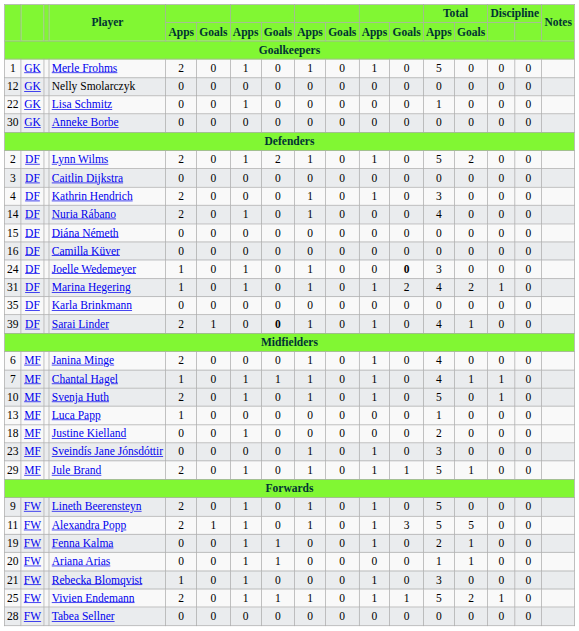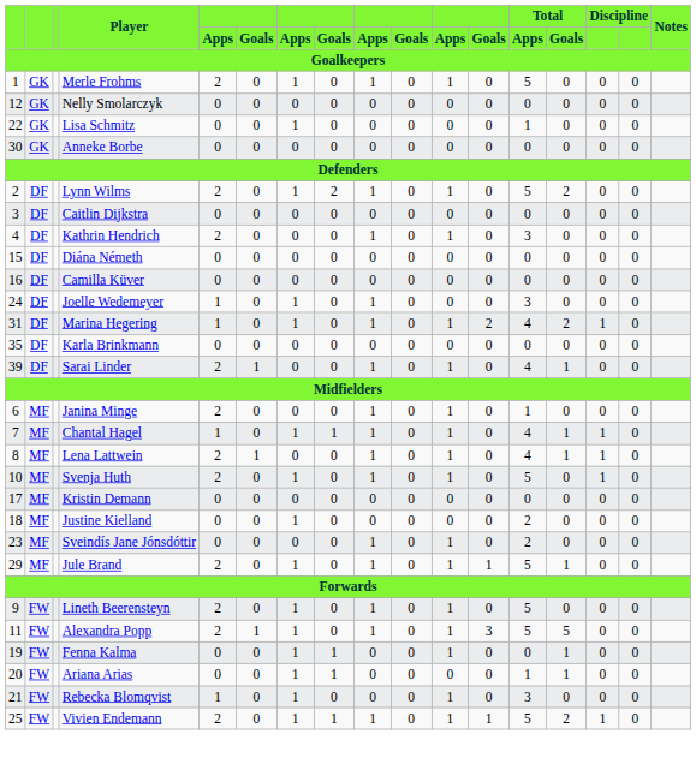 <table class="wikitable sortable alternance" style="text-align:center">
 <tr>
 <th rowspan=2 style="background:#81F733; color:#003333; "></th>
 <th rowspan=2 style="background:#81F733; color:#003333; "></th>
 <th rowspan=2 style="background:#81F733; color:#003333; "></th>
 <th rowspan=2 style="background:#81F733; color:#003333; ">Player</th>
 <th colspan=2 style="background:#81F733; color:#003333; "></th>
 <th colspan=2 style="background:#81F733; color:#003333; "></th>
 <th colspan=2 style="background:#81F733; color:#003333; "></th>
 <th colspan=2 style="background:#81F733; color:#003333; "></th>
 <th colspan=2 style="background:#81F733; color:#003333; ">Total</th>
 <th colspan=2 style="background:#81F733; color:#003333; ">Discipline</th>
 <th rowspan=2 style="background:#81F733; color:#003333; ">Notes</th>
 </tr>
 <tr>
 <th style="background:#81F733; color:#003333; ">Apps</th>
 <th style="background:#81F733; color:#003333; ">Goals</th>
 <th style="background:#81F733; color:#003333; ">Apps</th>
 <th style="background:#81F733; color:#003333; ">Goals</th>
 <th style="background:#81F733; color:#003333; ">Apps</th>
 <th style="background:#81F733; color:#003333; ">Goals</th>
 <th style="background:#81F733; color:#003333; ">Apps</th>
 <th style="background:#81F733; color:#003333; ">Goals</th>
 <th style="background:#81F733; color:#003333; ">Apps</th>
 <th style="background:#81F733; color:#003333; ">Goals</th>
 <th style="background:#81F733; color:#003333; "></th>
 <th style="background:#81F733; color:#003333; "></th>
 </tr>
 <tr>
 <th colspan="17" style="background:#81F733; color:#003333; ">Goalkeepers</th>
 </tr>
 <tr>
 <td>1</td>
 <td><a href='#'>GK</a></td>
 <td></td>
 <td align="left"><a href='#'>Merle Frohms</a></td>
 <td>2</td>
 <td>0</td>
 <td>1</td>
 <td>0</td>
 <td>1</td>
 <td>0</td>
 <td>1</td>
 <td>0</td>
 <td>5</td>
 <td>0</td>
 <td>0</td>
 <td>0</td>
 <td></td>
 </tr>
 <tr style="background:#eaecee">
 <td>12</td>
 <td><a href='#'>GK</a></td>
 <td></td>
 <td align="left">Nelly Smolarczyk</td>
 <td>0</td>
 <td>0</td>
 <td>0</td>
 <td>0</td>
 <td>0</td>
 <td>0</td>
 <td>0</td>
 <td>0</td>
 <td>0</td>
 <td>0</td>
 <td>0</td>
 <td>0</td>
 <td></td>
 </tr>
 <tr>
 <td>22</td>
 <td><a href='#'>GK</a></td>
 <td></td>
 <td align="left"><a href='#'>Lisa Schmitz</a></td>
 <td>0</td>
 <td>0</td>
 <td>1</td>
 <td>0</td>
 <td>0</td>
 <td>0</td>
 <td>0</td>
 <td>0</td>
 <td>1</td>
 <td>0</td>
 <td>0</td>
 <td>0</td>
 <td></td>
 </tr>
 <tr style="background:#eaecee">
 <td>30</td>
 <td><a href='#'>GK</a></td>
 <td></td>
 <td align="left"><a href='#'>Anneke Borbe</a></td>
 <td>0</td>
 <td>0</td>
 <td>0</td>
 <td>0</td>
 <td>0</td>
 <td>0</td>
 <td>0</td>
 <td>0</td>
 <td>0</td>
 <td>0</td>
 <td>0</td>
 <td>0</td>
 <td></td>
 </tr>
 <tr>
 <th colspan="17" style="background:#81F733; color:#003333; ">Defenders</th>
 </tr>
 <tr>
 <td>2</td>
 <td><a href='#'>DF</a></td>
 <td></td>
 <td align="left"><a href='#'>Lynn Wilms</a></td>
 <td>2</td>
 <td>0</td>
 <td>1</td>
 <td>2</td>
 <td>1</td>
 <td>0</td>
 <td>1</td>
 <td>0</td>
 <td>5</td>
 <td>2</td>
 <td>0</td>
 <td>0</td>
 <td></td>
 </tr>
 <tr style="background:#eaecee">
 <td>3</td>
 <td><a href='#'>DF</a></td>
 <td></td>
 <td align="left"><a href='#'>Caitlin Dijkstra</a></td>
 <td>0</td>
 <td>0</td>
 <td>0</td>
 <td>0</td>
 <td>0</td>
 <td>0</td>
 <td>0</td>
 <td>0</td>
 <td>0</td>
 <td>0</td>
 <td>0</td>
 <td>0</td>
 <td></td>
 </tr>
 <tr>
 <td>4</td>
 <td><a href='#'>DF</a></td>
 <td></td>
 <td align="left"><a href='#'>Kathrin Hendrich</a></td>
 <td>2</td>
 <td>0</td>
 <td>0</td>
 <td>0</td>
 <td>1</td>
 <td>0</td>
 <td>1</td>
 <td>0</td>
 <td>3</td>
 <td>0</td>
 <td>0</td>
 <td>0</td>
 <td></td>
 </tr>
-<tr style="background:#eaecee">
-<td>14</td>
-<td><a href='#'>DF</a></td>
-<td></td>
-<td align="left"><a href='#'>Nuria Rábano</a></td>
-<td>2</td>
-<td>0</td>
-<td>1</td>
-<td>0</td>
-<td>1</td>
-<td>0</td>
-<td>0</td>
-<td>0</td>
-<td>4</td>
-<td>0</td>
-<td>0</td>
-<td>0</td>
-<td></td>
-</tr>
 <tr>
 <td>15</td>
 <td><a href='#'>DF</a></td>
 <td></td>
 <td align="left"><a href='#'>Diána Németh</a></td>
 <td>0</td>
 <td>0</td>
 <td>0</td>
 <td>0</td>
 <td>0</td>
 <td>0</td>
 <td>0</td>
 <td>0</td>
 <td>0</td>
 <td>0</td>
 <td>0</td>
 <td>0</td>
 <td></td>
 </tr>
 <tr style="background:#eaecee">
 <td>16</td>
 <td><a href='#'>DF</a></td>
 <td></td>
 <td align="left"><a href='#'>Camilla Küver</a></td>
 <td>0</td>
 <td>0</td>
 <td>0</td>
 <td>0</td>
 <td>0</td>
 <td>0</td>
 <td>0</td>
 <td>0</td>
 <td>0</td>
 <td>0</td>
 <td>0</td>
 <td>0</td>
 <td></td>
 </tr>
 <tr>
 <td>24</td>
 <td><a href='#'>DF</a></td>
 <td></td>
 <td align="left"><a href='#'>Joelle Wedemeyer</a></td>
 <td>1</td>
 <td>0</td>
 <td>1</td>
 <td>0</td>
 <td>1</td>
 <td>0</td>
 <td>0</td>
-<td><strong>0</strong></td>
+<td>0</td>
 <td>3</td>
 <td>0</td>
 <td>0</td>
 <td>0</td>
 <td></td>
 </tr>
 <tr style="background:#eaecee">
 <td>31</td>
 <td><a href='#'>DF</a></td>
 <td></td>
 <td align="left"><a href='#'>Marina Hegering</a></td>
 <td>1</td>
 <td>0</td>
 <td>1</td>
 <td>0</td>
 <td>1</td>
 <td>0</td>
 <td>1</td>
 <td>2</td>
 <td>4</td>
 <td>2</td>
 <td>1</td>
 <td>0</td>
 <td></td>
 </tr>
 <tr>
 <td>35</td>
 <td><a href='#'>DF</a></td>
 <td></td>
 <td align="left"><a href='#'>Karla Brinkmann</a></td>
 <td>0</td>
 <td>0</td>
 <td>0</td>
 <td>0</td>
 <td>0</td>
 <td>0</td>
 <td>0</td>
 <td>0</td>
 <td>0</td>
 <td>0</td>
 <td>0</td>
 <td>0</td>
 <td></td>
 </tr>
 <tr style="background:#eaecee">
 <td>39</td>
 <td><a href='#'>DF</a></td>
 <td></td>
 <td align="left"><a href='#'>Sarai Linder</a></td>
 <td>2</td>
 <td>1</td>
 <td>0</td>
-<td><strong>0</strong></td>
+<td>0</td>
 <td>1</td>
 <td>0</td>
 <td>1</td>
 <td>0</td>
 <td>4</td>
 <td>1</td>
 <td>0</td>
 <td>0</td>
 <td></td>
 </tr>
 <tr>
 <th colspan="17" style="background:#81F733; color:#003333; ">Midfielders</th>
 </tr>
 <tr>
 <td>6</td>
 <td><a href='#'>MF</a></td>
 <td></td>
 <td align="left"><a href='#'>Janina Minge</a></td>
 <td>2</td>
 <td>0</td>
 <td>0</td>
 <td>0</td>
 <td>1</td>
 <td>0</td>
 <td>1</td>
 <td>0</td>
-<td>4</td>
+<td>1</td>
 <td>0</td>
 <td>0</td>
 <td>0</td>
 <td></td>
 </tr>
 <tr style="background:#eaecee">
 <td>7</td>
 <td><a href='#'>MF</a></td>
 <td></td>
 <td align="left"><a href='#'>Chantal Hagel</a></td>
 <td>1</td>
 <td>0</td>
 <td>1</td>
 <td>1</td>
+<td>1</td>
+<td>0</td>
+<td>1</td>
+<td>0</td>
+<td>4</td>
+<td>1</td>
+<td>1</td>
+<td>0</td>
+<td></td>
+</tr>
+<tr>
+<td>8</td>
+<td><a href='#'>MF</a></td>
+<td></td>
+<td align="left"><a href='#'>Lena Lattwein</a></td>
+<td>2</td>
+<td>1</td>
+<td>0</td>
+<td>0</td>
 <td>1</td>
 <td>0</td>
 <td>1</td>
 <td>0</td>
 <td>4</td>
 <td>1</td>
 <td>1</td>
 <td>0</td>
 <td></td>
 </tr>
 <tr style="background:#eaecee">
 <td>10</td>
 <td><a href='#'>MF</a></td>
 <td></td>
 <td align="left"><a href='#'>Svenja Huth</a></td>
 <td>2</td>
 <td>0</td>
 <td>1</td>
 <td>0</td>
 <td>1</td>
 <td>0</td>
 <td>1</td>
 <td>0</td>
 <td>5</td>
 <td>0</td>
 <td>1</td>
 <td>0</td>
 <td></td>
 </tr>
-<tr>
-<td>13</td>
+<tr style="background:#eaecee">
+<td>17</td>
 <td><a href='#'>MF</a></td>
 <td></td>
-<td align="left"><a href='#'>Luca Papp</a></td>
-<td>1</td>
+<td align="left"><a href='#'>Kristin Demann</a></td>
 <td>0</td>
 <td>0</td>
 <td>0</td>
 <td>0</td>
 <td>0</td>
 <td>0</td>
 <td>0</td>
-<td>1</td>
+<td>0</td>
+<td>0</td>
 <td>0</td>
 <td>0</td>
 <td>0</td>
 <td></td>
 </tr>
 <tr>
 <td>18</td>
 <td><a href='#'>MF</a></td>
 <td></td>
 <td align="left"><a href='#'>Justine Kielland</a></td>
 <td>0</td>
 <td>0</td>
 <td>1</td>
 <td>0</td>
 <td>0</td>
 <td>0</td>
 <td>0</td>
 <td>0</td>
 <td>2</td>
 <td>0</td>
 <td>0</td>
 <td>0</td>
 <td></td>
 </tr>
 <tr style="background:#eaecee">
 <td>23</td>
 <td><a href='#'>MF</a></td>
 <td></td>
 <td align="left"><a href='#'>Sveindís Jane Jónsdóttir</a></td>
 <td>0</td>
 <td>0</td>
 <td>0</td>
 <td>0</td>
 <td>1</td>
 <td>0</td>
 <td>1</td>
 <td>0</td>
-<td>3</td>
+<td>2</td>
 <td>0</td>
 <td>0</td>
 <td>0</td>
 <td></td>
 </tr>
 <tr>
 <td>29</td>
 <td><a href='#'>MF</a></td>
 <td></td>
 <td align="left"><a href='#'>Jule Brand</a></td>
 <td>2</td>
 <td>0</td>
 <td>1</td>
 <td>0</td>
 <td>1</td>
 <td>0</td>
 <td>1</td>
 <td>1</td>
 <td>5</td>
 <td>1</td>
 <td>0</td>
 <td>0</td>
 <td></td>
 </tr>
 <tr>
 <th colspan="17" style="background:#81F733; color:#003333; ">Forwards</th>
 </tr>
 <tr style="background:#eaecee">
 <td>9</td>
 <td><a href='#'>FW</a></td>
 <td></td>
 <td align="left"><a href='#'>Lineth Beerensteyn</a></td>
 <td>2</td>
 <td>0</td>
 <td>1</td>
 <td>0</td>
 <td>1</td>
 <td>0</td>
 <td>1</td>
 <td>0</td>
 <td>5</td>
 <td>0</td>
 <td>0</td>
 <td>0</td>
 <td></td>
 </tr>
 <tr>
 <td>11</td>
 <td><a href='#'>FW</a></td>
 <td></td>
 <td align="left"><a href='#'>Alexandra Popp</a></td>
 <td>2</td>
 <td>1</td>
 <td>1</td>
 <td>0</td>
 <td>1</td>
 <td>0</td>
 <td>1</td>
 <td>3</td>
 <td>5</td>
 <td>5</td>
 <td>0</td>
 <td>0</td>
 <td></td>
 </tr>
 <tr style="background:#eaecee">
 <td>19</td>
 <td><a href='#'>FW</a></td>
 <td></td>
 <td align="left"><a href='#'>Fenna Kalma</a></td>
 <td>0</td>
 <td>0</td>
 <td>1</td>
 <td>1</td>
 <td>0</td>
 <td>0</td>
 <td>1</td>
 <td>0</td>
-<td>2</td>
+<td>0</td>
 <td>1</td>
 <td>0</td>
 <td>0</td>
 <td></td>
 </tr>
 <tr>
 <td>20</td>
 <td><a href='#'>FW</a></td>
 <td></td>
 <td align="left"><a href='#'>Ariana Arias</a></td>
 <td>0</td>
 <td>0</td>
 <td>1</td>
 <td>1</td>
 <td>0</td>
 <td>0</td>
 <td>0</td>
 <td>0</td>
 <td>1</td>
 <td>1</td>
 <td>0</td>
 <td>0</td>
 <td></td>
 </tr>
 <tr style="background:#eaecee">
 <td>21</td>
 <td><a href='#'>FW</a></td>
 <td></td>
 <td align="left"><a href='#'>Rebecka Blomqvist</a></td>
 <td>1</td>
 <td>0</td>
 <td>1</td>
 <td>0</td>
 <td>0</td>
 <td>0</td>
 <td>1</td>
 <td>0</td>
 <td>3</td>
 <td>0</td>
 <td>0</td>
 <td>0</td>
 <td></td>
 </tr>
 <tr>
 <td>25</td>
 <td><a href='#'>FW</a></td>
 <td></td>
 <td align="left"><a href='#'>Vivien Endemann</a></td>
 <td>2</td>
 <td>0</td>
 <td>1</td>
 <td>1</td>
 <td>1</td>
 <td>0</td>
 <td>1</td>
 <td>1</td>
 <td>5</td>
 <td>2</td>
 <td>1</td>
 <td>0</td>
 <td></td>
 </tr>
-<tr style="background:#eaecee">
-<td>28</td>
-<td><a href='#'>FW</a></td>
-<td></td>
-<td align="left"><a href='#'>Tabea Sellner</a></td>
-<td>0</td>
-<td>0</td>
-<td>0</td>
-<td>0</td>
-<td>0</td>
-<td>0</td>
-<td>0</td>
-<td>0</td>
-<td>0</td>
-<td>0</td>
-<td>0</td>
-<td>0</td>
-<td></td>
-</tr>
 </table>
